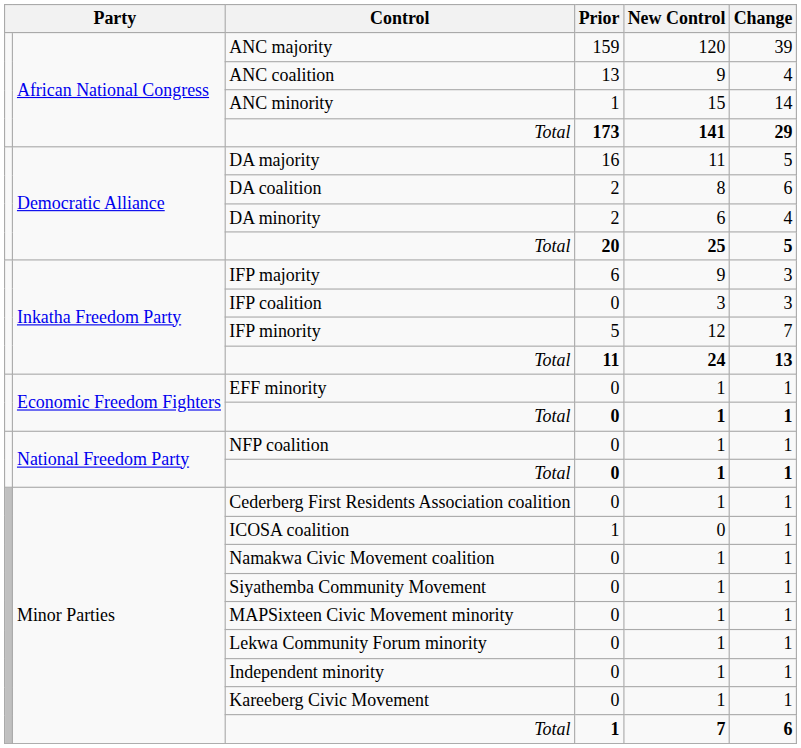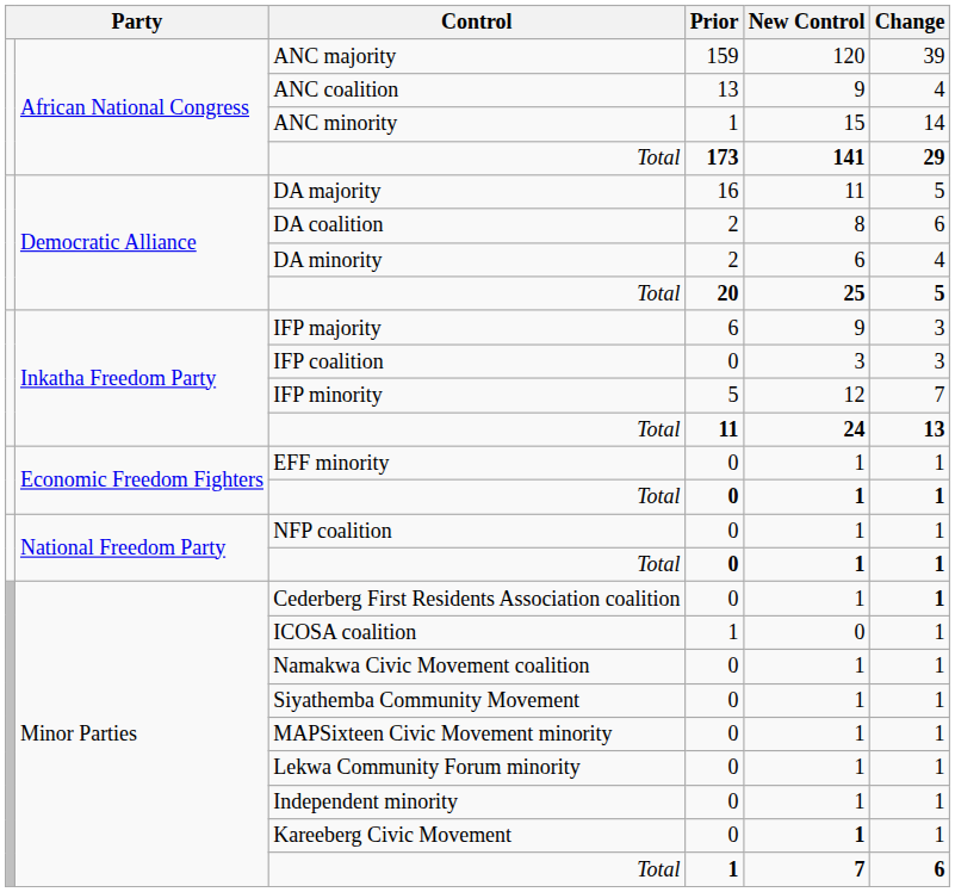 <table class="wikitable" style="text-align:right">
 <tr>
 <th colspan="2">Party</th>
 <th>Control</th>
 <th>Prior</th>
 <th>New Control</th>
 <th>Change</th>
 </tr>
 <tr>
 <td rowspan="4" style="background:"></td>
 <td rowspan="4" style="text-align:left;"><a href='#'>African National Congress</a></td>
 <td style="text-align:left;">ANC majority</td>
 <td>159</td>
 <td>120</td>
 <td> 39</td>
 </tr>
 <tr>
 <td style="text-align:left;">ANC coalition</td>
 <td>13</td>
 <td>9</td>
 <td>4</td>
 </tr>
 <tr>
 <td style="text-align:left;">ANC minority</td>
 <td>1</td>
 <td>15</td>
 <td>14</td>
 </tr>
 <tr>
 <td><em>Total</em></td>
 <td><strong>173</strong></td>
 <td><strong>141</strong></td>
 <td><strong>29</strong></td>
 </tr>
 <tr>
 <td rowspan="4" style="background:"></td>
 <td rowspan="4" style="text-align:left;"><a href='#'>Democratic Alliance</a></td>
 <td style="text-align:left;">DA majority</td>
 <td>16</td>
 <td>11</td>
 <td> 5</td>
 </tr>
 <tr>
 <td style="text-align:left;">DA coalition</td>
 <td>2</td>
 <td>8</td>
 <td>6</td>
 </tr>
 <tr>
 <td style="text-align:left;">DA minority</td>
 <td>2</td>
 <td>6</td>
 <td>4</td>
 </tr>
 <tr>
 <td><em>Total</em></td>
 <td><strong>20</strong></td>
 <td><strong>25</strong></td>
 <td><strong>5</strong></td>
 </tr>
 <tr>
 <td rowspan="4" style="background:"></td>
 <td rowspan="4" style="text-align:left;"><a href='#'>Inkatha Freedom Party</a></td>
 <td style="text-align:left;">IFP majority</td>
 <td>6</td>
 <td>9</td>
 <td>3</td>
 </tr>
 <tr>
 <td style="text-align:left;">IFP coalition</td>
 <td>0</td>
 <td>3</td>
 <td>3</td>
 </tr>
 <tr>
 <td style="text-align:left;">IFP minority</td>
 <td>5</td>
 <td>12</td>
 <td>7</td>
 </tr>
 <tr>
 <td><em>Total</em></td>
 <td><strong>11</strong></td>
 <td><strong>24</strong></td>
 <td><strong>13</strong></td>
 </tr>
 <tr>
 <td rowspan="2" style="background:"></td>
 <td rowspan="2" style="text-align:left;"><a href='#'>Economic Freedom Fighters</a></td>
 <td style="text-align:left;">EFF minority</td>
 <td>0</td>
 <td>1</td>
 <td>1</td>
 </tr>
 <tr>
 <td><em>Total</em></td>
 <td><strong>0</strong></td>
 <td><strong>1</strong></td>
 <td><strong>1</strong></td>
 </tr>
 <tr>
 <td rowspan="2" style="background:"></td>
 <td rowspan="2" style="text-align:left;"><a href='#'>National Freedom Party</a></td>
 <td style="text-align:left;">NFP coalition</td>
 <td>0</td>
 <td>1</td>
 <td>1</td>
 </tr>
 <tr>
 <td><em>Total</em></td>
 <td><strong>0</strong></td>
 <td><strong>1</strong></td>
 <td><strong>1</strong></td>
 </tr>
 <tr>
 <td rowspan="9" style="background:silver;"></td>
 <td rowspan="9" style="text-align:left;">Minor Parties</td>
 <td align="left">Cederberg First Residents Association coalition</td>
 <td>0</td>
 <td>1</td>
-<td> 1</td>
+<td><strong> 1</strong></td>
 </tr>
 <tr>
 <td align="left">ICOSA coalition</td>
 <td>1</td>
 <td>0</td>
 <td> 1</td>
 </tr>
 <tr>
 <td align="left">Namakwa Civic Movement coalition</td>
 <td>0</td>
 <td>1</td>
 <td> 1</td>
 </tr>
 <tr>
 <td align="left">Siyathemba Community Movement</td>
 <td>0</td>
 <td>1</td>
 <td> 1</td>
 </tr>
 <tr>
 <td align="left">MAPSixteen Civic Movement minority</td>
 <td>0</td>
 <td>1</td>
 <td> 1</td>
 </tr>
 <tr>
 <td align="left">Lekwa Community Forum minority</td>
 <td>0</td>
 <td>1</td>
 <td> 1</td>
 </tr>
 <tr>
 <td align="left">Independent minority</td>
 <td>0</td>
 <td>1</td>
 <td> 1</td>
 </tr>
 <tr>
 <td align="left">Kareeberg Civic Movement</td>
 <td>0</td>
-<td>1</td>
+<td><strong>1</strong></td>
 <td> 1</td>
 </tr>
 <tr>
 <td><em>Total</em></td>
 <td><strong>1</strong></td>
 <td><strong> 7 </strong></td>
 <td><strong>6</strong></td>
 </tr>
 <tr>
 </tr>
 </table>
